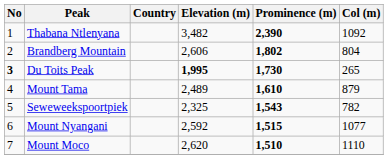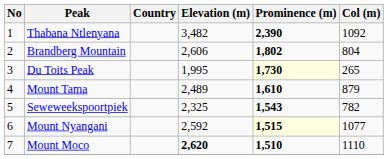 <table class="wikitable sortable">
 <tr>
 <th>No</th>
 <th>Peak</th>
 <th>Country</th>
 <th>Elevation (m)</th>
 <th>Prominence (m)</th>
 <th>Col (m)</th>
 </tr>
 <tr>
 <td>1</td>
 <td><a href='#'>Thabana Ntlenyana</a></td>
 <td></td>
 <td>3,482</td>
 <td><strong>2,390</strong></td>
 <td>1092</td>
 </tr>
 <tr>
 <td>2</td>
 <td><a href='#'>Brandberg Mountain</a></td>
 <td></td>
 <td>2,606</td>
 <td><strong>1,802</strong></td>
 <td>804</td>
 </tr>
 <tr>
-<td><strong>3</strong></td>
+<td>3</td>
 <td><a href='#'>Du Toits Peak</a></td>
 <td></td>
-<td><strong>1,995</strong></td>
-<td><strong>1,730</strong></td>
+<td>1,995</td>
+<td style="background: lightyellow;"><strong>1,730</strong></td>
 <td>265</td>
 </tr>
 <tr>
 <td>4</td>
 <td><a href='#'>Mount Tama</a></td>
 <td></td>
 <td>2,489</td>
 <td><strong>1,610</strong></td>
 <td>879</td>
 </tr>
 <tr>
 <td>5</td>
 <td><a href='#'>Seweweekspoortpiek</a></td>
 <td></td>
 <td>2,325</td>
 <td><strong>1,543</strong></td>
 <td>782</td>
 </tr>
 <tr>
 <td>6</td>
 <td><a href='#'>Mount Nyangani</a></td>
 <td></td>
 <td>2,592</td>
-<td><strong>1,515</strong></td>
+<td style="background: lightyellow;"><strong>1,515</strong></td>
 <td>1077</td>
 </tr>
 <tr>
 <td>7</td>
 <td><a href='#'>Mount Moco</a></td>
 <td></td>
-<td>2,620</td>
+<td><strong>2,620</strong></td>
 <td><strong>1,510</strong></td>
 <td>1110</td>
 </tr>
 <tr>
 </tr>
 </table>
